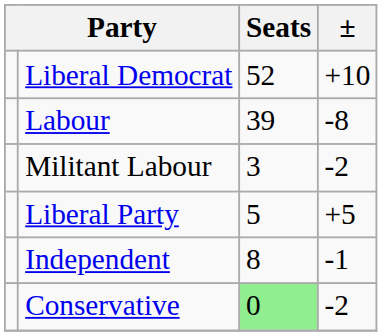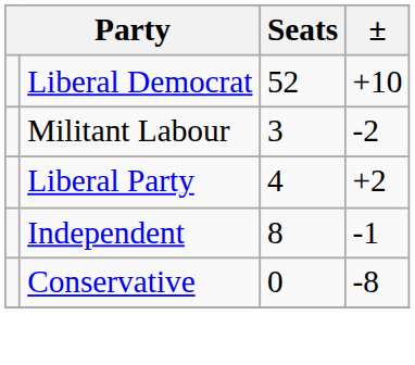 <table class="wikitable">
 <tr>
 <th colspan="2">Party</th>
 <th>Seats</th>
 <th>  ±  </th>
 </tr>
 <tr>
 <td style="background-color: "></td>
 <td><a href='#'>Liberal Democrat</a></td>
 <td>52</td>
 <td>+10</td>
 </tr>
 <tr>
 <td style="background-color: "></td>
-<td><a href='#'>Labour</a></td>
-<td>39</td>
-<td>-8</td>
-</tr>
-<tr>
-<td style="background-color: "></td>
 <td>Militant Labour</td>
 <td>3</td>
 <td>-2</td>
 </tr>
 <tr>
 <td style="background-color: "></td>
 <td><a href='#'>Liberal Party</a></td>
-<td>5</td>
-<td>+5</td>
+<td>4</td>
+<td>+2</td>
 </tr>
 <tr>
 <td style="background-color: "></td>
 <td><a href='#'>Independent</a></td>
 <td>8</td>
 <td>-1</td>
 </tr>
 <tr>
 <td style="background-color: "></td>
 <td><a href='#'>Conservative</a></td>
-<td style="background: lightgreen;">0</td>
-<td>-2</td>
+<td>0</td>
+<td>-8</td>
 </tr>
 <tr>
 </tr>
 </table>
